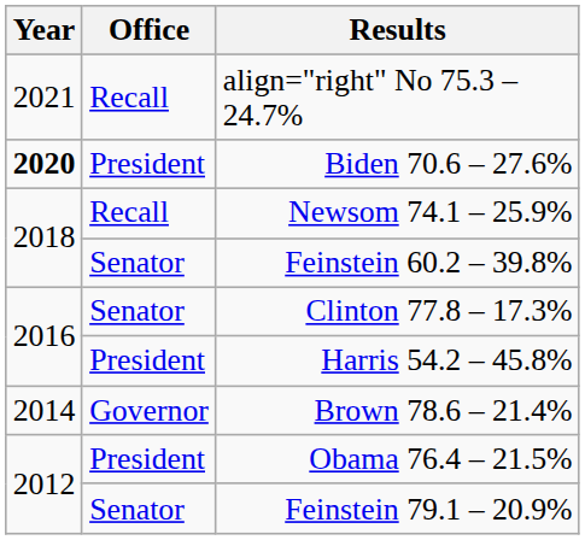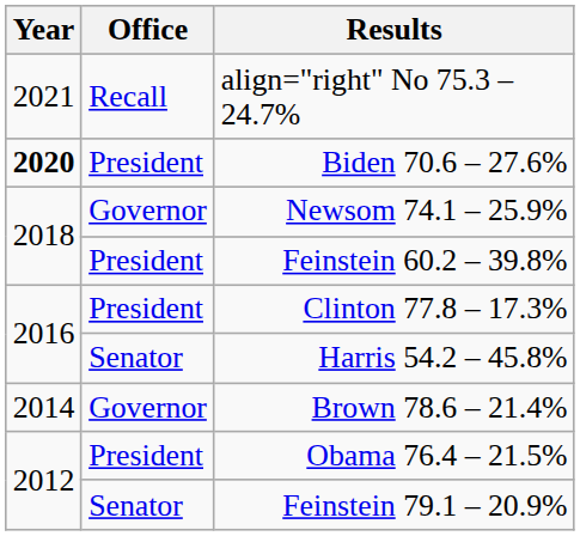 <table class=wikitable>
 <tr>
 <th width="30">Year</th>
 <th width="60">Office</th>
 <th width="180">Results</th>
 </tr>
 <tr>
 <td>2021</td>
 <td><a href='#'>Recall</a></td>
 <td>align="right"  No 75.3 – 24.7%</td>
 </tr>
 <tr>
 <td><strong>2020</strong></td>
 <td><a href='#'>President</a></td>
 <td align="right" ><a href='#'>Biden</a> 70.6 – 27.6%</td>
 </tr>
 <tr>
 <td rowspan="2">2018</td>
-<td><a href='#'>Recall</a></td>
+<td><a href='#'>Governor</a></td>
 <td align="right" ><a href='#'>Newsom</a> 74.1 – 25.9%</td>
 </tr>
 <tr>
-<td><a href='#'>Senator</a></td>
+<td><a href='#'>President</a></td>
 <td align="right" ><a href='#'>Feinstein</a> 60.2 – 39.8%</td>
 </tr>
 <tr>
 <td rowspan="2">2016</td>
-<td><a href='#'>Senator</a></td>
+<td><a href='#'>President</a></td>
 <td align="right" ><a href='#'>Clinton</a> 77.8 – 17.3%</td>
 </tr>
 <tr>
-<td><a href='#'>President</a></td>
+<td><a href='#'>Senator</a></td>
 <td align="right" ><a href='#'>Harris</a> 54.2 – 45.8%</td>
 </tr>
 <tr>
 <td>2014</td>
 <td><a href='#'>Governor</a></td>
 <td align="right" ><a href='#'>Brown</a> 78.6 – 21.4%</td>
 </tr>
 <tr>
 <td rowspan="2">2012</td>
 <td><a href='#'>President</a></td>
 <td align="right" ><a href='#'>Obama</a> 76.4 – 21.5%</td>
 </tr>
 <tr>
 <td><a href='#'>Senator</a></td>
 <td align="right" ><a href='#'>Feinstein</a> 79.1 – 20.9%</td>
 </tr>
 </table>
